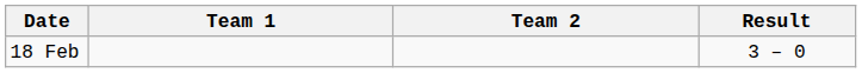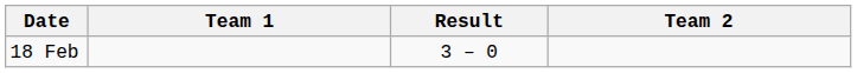 <table class="wikitable">
 <tr>
 <th width=50>Date</th>
 <th width=200>Team 1</th>
+<th width=100 style="text-align:center;">Result</th>
 <th width=200>Team 2</th>
-<th width=100 style="text-align:center;">Result</th>
 </tr>
 <tr>
 <td>18 Feb</td>
 <td style="text-align:center;"><strong></strong></td>
+<td style="text-align:center;">3 – 0</td>
 <td style="text-align:center;"></td>
-<td style="text-align:center;">3 – 0</td>
 </tr>
 </table>
